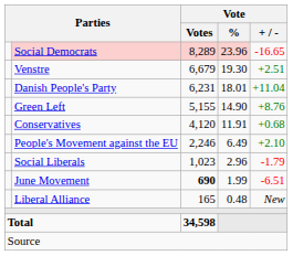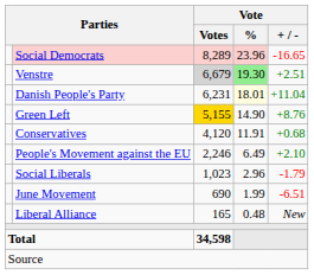 <table class="wikitable" style="text-align:right;">
 <tr>
 <th style="text-align:centre;" rowspan="2" colspan="2" width="225">Parties</th>
 <th colspan="3">Vote</th>
 </tr>
 <tr>
 <th width="15">Votes</th>
 <th width="15">%</th>
 <th width="15">+ / -</th>
 </tr>
 <tr>
 <td width="2" style="color:inherit;background:"></td>
 <td bgcolor=#fbd0ce   align="left"><a href='#'>Social Democrats</a></td>
 <td bgcolor=#fbd0ce>8,289</td>
 <td bgcolor=#fbd0ce>23.96</td>
 <td style=color:red;>-16.65</td>
 </tr>
 <tr>
 <td width="2" style="color:inherit;background:"></td>
 <td align="left"><a href='#'>Venstre</a></td>
-<td>6,679</td>
-<td>19.30</td>
+<td style="background: lightgrey;">6,679</td>
+<td style="background: lightgreen;">19.30</td>
 <td style=color:green;>+2.51</td>
 </tr>
 <tr>
 <td width="2" style="color:inherit;background:"></td>
 <td align="left"><a href='#'>Danish People's Party</a></td>
 <td>6,231</td>
-<td>18.01</td>
+<td style="background: lightyellow;">18.01</td>
 <td style=color:green;>+11.04</td>
 </tr>
 <tr>
 <td width="2" style="color:inherit;background:"></td>
 <td align="left"><a href='#'>Green Left</a></td>
-<td>5,155</td>
+<td style="background: gold;">5,155</td>
 <td>14.90</td>
 <td style=color:green;>+8.76</td>
 </tr>
 <tr>
 <td width="2" style="color:inherit;background:"></td>
 <td align="left"><a href='#'>Conservatives</a></td>
 <td>4,120</td>
 <td>11.91</td>
 <td style=color:green;>+0.68</td>
 </tr>
 <tr>
 <td width="2" style="color:inherit;background:"></td>
 <td align="left"><a href='#'>People's Movement against the EU</a></td>
 <td>2,246</td>
 <td>6.49</td>
 <td style=color:green;>+2.10</td>
 </tr>
 <tr>
 <td width="2" style="color:inherit;background:"></td>
 <td align="left"><a href='#'>Social Liberals</a></td>
 <td>1,023</td>
 <td>2.96</td>
 <td style=color:red;>-1.79</td>
 </tr>
 <tr>
 <td width="2" style="color:inherit;background:"></td>
 <td align="left"><a href='#'>June Movement</a></td>
-<td><strong>690</strong></td>
+<td>690</td>
 <td>1.99</td>
 <td style=color:red;>-6.51</td>
 </tr>
 <tr>
 <td width="2" style="color:inherit;background:"></td>
 <td align="left"><a href='#'>Liberal Alliance</a></td>
 <td>165</td>
 <td>0.48</td>
 <td><em>New</em></td>
 </tr>
 <tr>
 <td colspan="7" bgcolor="#E9E9E9"></td>
 </tr>
 <tr>
 <td align="left" colspan="2"><strong>Total</strong></td>
 <td><strong>34,598</strong></td>
 <td bgcolor="#E9E9E9" colspan="2"></td>
 </tr>
 <tr>
 <td align="left" colspan="6">Source</td>
 </tr>
 </table>
